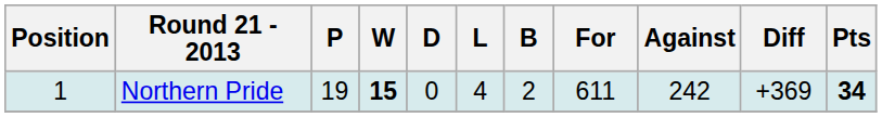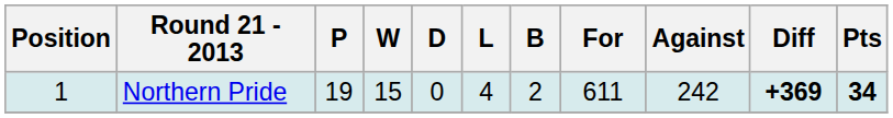 <table class="wikitable" style="text-align:center; font-size:85%;">
 <tr>
 <th width=40 abbr="Position">Position</th>
 <th width=100>Round 21 - 2013</th>
 <th width=20 abbr="Played">P</th>
 <th width=20 abbr="Won">W</th>
 <th width=20 abbr="Drawn">D</th>
 <th width=20 abbr="Lost">L</th>
 <th width=20 abbr="Bye">B</th>
 <th width=40 abbr="Points for">For</th>
 <th width=40 abbr="Points against">Against</th>
 <th width=40 abbr="Points difference">Diff</th>
 <th width=20 abbr="Points">Pts</th>
 </tr>
 <tr style="background: #d7ebed;">
 <td>1</td>
 <td style="text-align:left;"> <a href='#'>Northern Pride</a></td>
 <td>19</td>
-<td><strong>15</strong></td>
+<td>15</td>
 <td>0</td>
 <td>4</td>
 <td>2</td>
 <td>611</td>
 <td>242</td>
-<td>+369</td>
+<td><strong>+369</strong></td>
 <td><strong>34</strong></td>
 </tr>
 <tr>
 </tr>
 </table>
